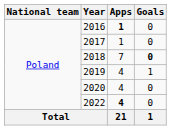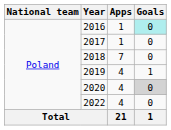 <table class="wikitable" style="text-align:center">
 <tr>
 <th>National team</th>
 <th>Year</th>
 <th>Apps</th>
 <th>Goals</th>
 </tr>
 <tr>
 <td rowspan="6"><a href='#'>Poland</a></td>
 <td>2016</td>
-<td><strong>1</strong></td>
-<td>0</td>
+<td>1</td>
+<td style="background: paleturquoise;">0</td>
 </tr>
 <tr>
 <td>2017</td>
 <td>1</td>
 <td>0</td>
 </tr>
 <tr>
 <td>2018</td>
 <td>7</td>
-<td><strong>0</strong></td>
+<td>0</td>
 </tr>
 <tr>
 <td>2019</td>
 <td>4</td>
 <td>1</td>
 </tr>
 <tr>
 <td>2020</td>
 <td>4</td>
-<td>0</td>
+<td style="background: lightgrey;">0</td>
 </tr>
 <tr>
 <td>2022</td>
-<td><strong>4</strong></td>
+<td>4</td>
 <td>0</td>
 </tr>
 <tr>
 <th colspan="2">Total</th>
 <th>21</th>
 <th>1</th>
 </tr>
 </table>
